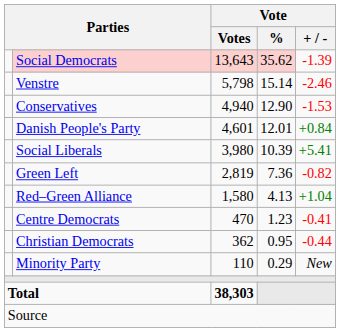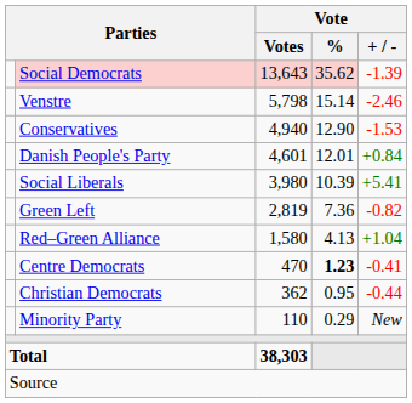 <table class="wikitable" style="text-align:right;">
 <tr>
 <th style="text-align:centre;" rowspan="2" colspan="2" width="225">Parties</th>
 <th colspan="3">Vote</th>
 </tr>
 <tr>
 <th width="15">Votes</th>
 <th width="15">%</th>
 <th width="15">+ / -</th>
 </tr>
 <tr>
 <td width="2" style="color:inherit;background:"></td>
 <td bgcolor=#fbd0ce  align="left"><a href='#'>Social Democrats</a></td>
 <td bgcolor=#fbd0ce>13,643</td>
 <td bgcolor=#fbd0ce>35.62</td>
 <td style=color:red;>-1.39</td>
 </tr>
 <tr>
 <td width="2" style="color:inherit;background:"></td>
 <td align="left"><a href='#'>Venstre</a></td>
 <td>5,798</td>
 <td>15.14</td>
 <td style=color:red;>-2.46</td>
 </tr>
 <tr>
 <td width="2" style="color:inherit;background:"></td>
 <td align="left"><a href='#'>Conservatives</a></td>
 <td>4,940</td>
 <td>12.90</td>
 <td style=color:red;>-1.53</td>
 </tr>
 <tr>
 <td width="2" style="color:inherit;background:"></td>
 <td align="left"><a href='#'>Danish People's Party</a></td>
 <td>4,601</td>
 <td>12.01</td>
 <td style=color:green;>+0.84</td>
 </tr>
 <tr>
 <td width="2" style="color:inherit;background:"></td>
 <td align="left"><a href='#'>Social Liberals</a></td>
 <td>3,980</td>
 <td>10.39</td>
 <td style=color:green;>+5.41</td>
 </tr>
 <tr>
 <td width="2" style="color:inherit;background:"></td>
 <td align="left"><a href='#'>Green Left</a></td>
 <td>2,819</td>
 <td>7.36</td>
 <td style=color:red;>-0.82</td>
 </tr>
 <tr>
 <td width="2" style="color:inherit;background:"></td>
 <td align="left"><a href='#'>Red–Green Alliance</a></td>
 <td>1,580</td>
 <td>4.13</td>
 <td style=color:green;>+1.04</td>
 </tr>
 <tr>
 <td width="2" style="color:inherit;background:"></td>
 <td align="left"><a href='#'>Centre Democrats</a></td>
 <td>470</td>
-<td>1.23</td>
+<td><strong>1.23</strong></td>
 <td style=color:red;>-0.41</td>
 </tr>
 <tr>
 <td width="2" style="color:inherit;background:"></td>
 <td align="left"><a href='#'>Christian Democrats</a></td>
 <td>362</td>
 <td>0.95</td>
 <td style=color:red;>-0.44</td>
 </tr>
 <tr>
 <td width="2" style="color:inherit;background:"></td>
 <td align="left"><a href='#'>Minority Party</a></td>
 <td>110</td>
 <td>0.29</td>
 <td><em>New</em></td>
 </tr>
 <tr>
 <td colspan="7" bgcolor="#E9E9E9"></td>
 </tr>
 <tr>
 <td align="left" colspan="2"><strong>Total</strong></td>
 <td><strong>38,303</strong></td>
 <td bgcolor="#E9E9E9" colspan="2"></td>
 </tr>
 <tr>
 <td align="left" colspan="6">Source</td>
 </tr>
 </table>
